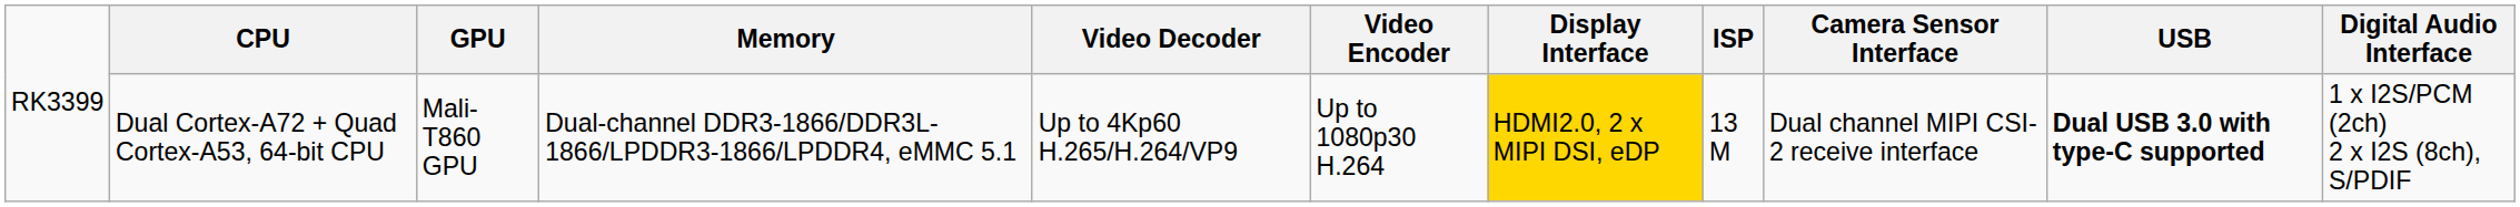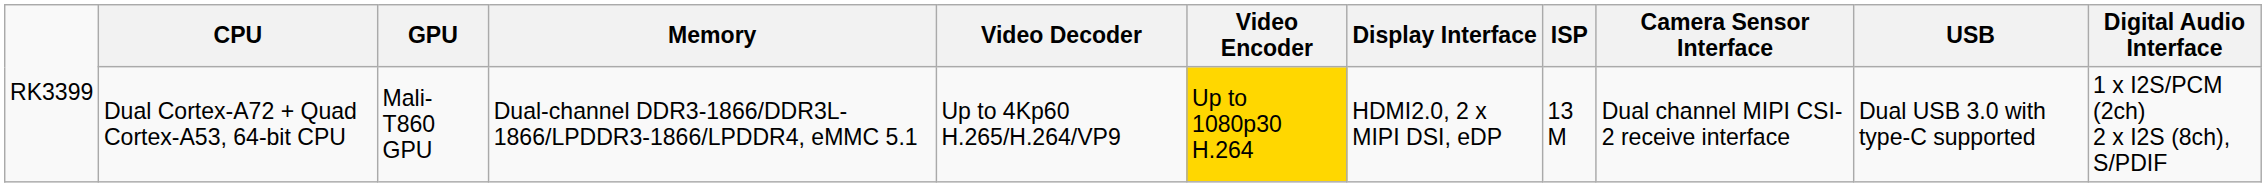 <table class="wikitable">
 <tr>
 <td rowspan="2">RK3399</td>
 <th>CPU</th>
 <th>GPU</th>
 <th>Memory</th>
 <th>Video Decoder</th>
 <th>Video Encoder</th>
 <th>Display Interface</th>
 <th>ISP</th>
 <th>Camera Sensor Interface</th>
 <th>USB</th>
 <th>Digital Audio Interface</th>
 </tr>
 <tr>
 <td>Dual Cortex-A72 + Quad Cortex-A53, 64-bit CPU</td>
 <td>Mali-T860 GPU</td>
 <td>Dual-channel DDR3-1866/DDR3L-1866/LPDDR3-1866/LPDDR4, eMMC 5.1</td>
 <td>Up to 4Kp60 H.265/H.264/VP9</td>
-<td>Up to 1080p30 H.264</td>
-<td style="background: gold;">HDMI2.0, 2 x MIPI DSI, eDP</td>
+<td style="background: gold;">Up to 1080p30 H.264</td>
+<td>HDMI2.0, 2 x MIPI DSI, eDP</td>
 <td>13 M</td>
 <td>Dual channel MIPI CSI-2 receive interface</td>
-<td><strong>Dual USB 3.0 with type-C supported</strong></td>
+<td>Dual USB 3.0 with type-C supported</td>
 <td>1 x I2S/PCM (2ch)<br>2 x I2S (8ch), S/PDIF</td>
 </tr>
 </table>
